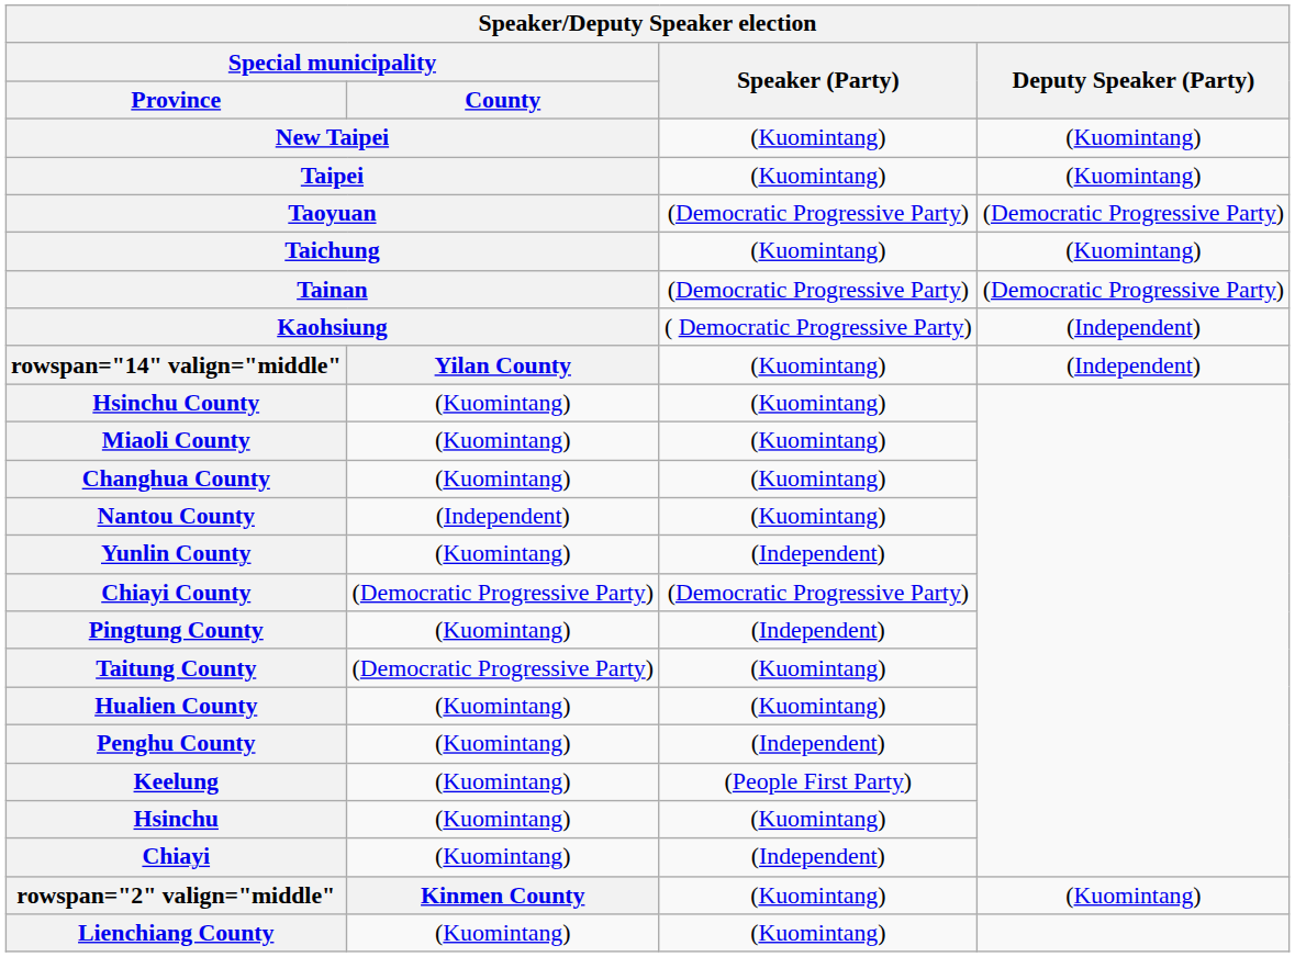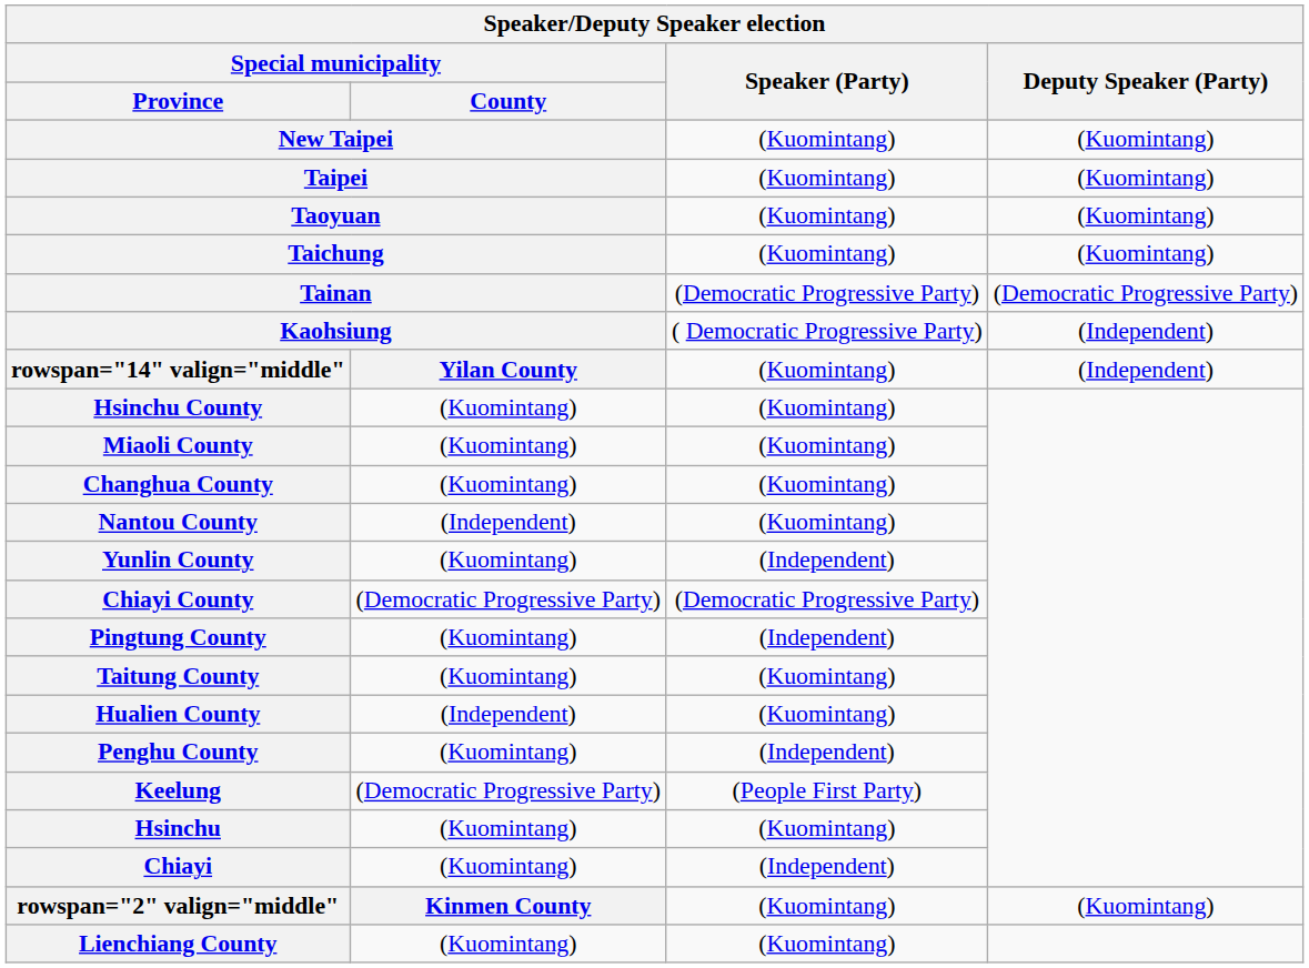 <table class="wikitable" style="text-align:center; margin:auto">
 <tr>
 <th colspan="6" align="center">Speaker/Deputy Speaker election</th>
 </tr>
 <tr>
 <th colspan="2" align="center"><a href='#'>Special municipality</a></th>
 <th rowspan="2" align="center">Speaker (Party)</th>
 <th rowspan="2" align="center">Deputy Speaker (Party)</th>
 </tr>
 <tr>
 <th><a href='#'>Province</a></th>
 <th><a href='#'>County</a></th>
 </tr>
 <tr>
 <th colspan="2" align="center"><a href='#'>New Taipei</a></th>
 <td> (<a href='#'>Kuomintang</a>)</td>
 <td> (<a href='#'>Kuomintang</a>)</td>
 </tr>
 <tr>
 <th colspan="2" align="center"><a href='#'>Taipei</a></th>
 <td> (<a href='#'>Kuomintang</a>)</td>
 <td> (<a href='#'>Kuomintang</a>)</td>
 </tr>
 <tr>
 <th colspan="2" align="center"><a href='#'>Taoyuan</a></th>
-<td> (<a href='#'>Democratic Progressive Party</a>)</td>
-<td> (<a href='#'>Democratic Progressive Party</a>)</td>
+<td> (<a href='#'>Kuomintang</a>)</td>
+<td> (<a href='#'>Kuomintang</a>)</td>
 </tr>
 <tr>
 <th colspan="2" align="center"><a href='#'>Taichung</a></th>
 <td> (<a href='#'>Kuomintang</a>)</td>
 <td> (<a href='#'>Kuomintang</a>)</td>
 </tr>
 <tr>
 <th colspan="2" align="center"><a href='#'>Tainan</a></th>
 <td> (<a href='#'>Democratic Progressive Party</a>)</td>
 <td> (<a href='#'>Democratic Progressive Party</a>)</td>
 </tr>
 <tr>
 <th colspan="2" align="center"><a href='#'>Kaohsiung</a></th>
 <td> ( <a href='#'>Democratic Progressive Party</a>)</td>
 <td> (<a href='#'>Independent</a>)</td>
 </tr>
 <tr>
 <th>rowspan="14" valign="middle" </th>
 <th align="center"><a href='#'>Yilan County</a></th>
 <td> (<a href='#'>Kuomintang</a>)</td>
 <td> (<a href='#'>Independent</a>)</td>
 </tr>
 <tr>
 <th align="center"><a href='#'>Hsinchu County</a></th>
 <td> (<a href='#'>Kuomintang</a>)</td>
 <td> (<a href='#'>Kuomintang</a>)</td>
 </tr>
 <tr>
 <th align="center"><a href='#'>Miaoli County</a></th>
 <td> (<a href='#'>Kuomintang</a>)</td>
 <td> (<a href='#'>Kuomintang</a>)</td>
 </tr>
 <tr>
 <th align="center"><a href='#'>Changhua County</a></th>
 <td> (<a href='#'>Kuomintang</a>)</td>
 <td> (<a href='#'>Kuomintang</a>)</td>
 </tr>
 <tr>
 <th align="center"><a href='#'>Nantou County</a></th>
 <td> (<a href='#'>Independent</a>)</td>
 <td> (<a href='#'>Kuomintang</a>)</td>
 </tr>
 <tr>
 <th align="center"><a href='#'>Yunlin County</a></th>
 <td> (<a href='#'>Kuomintang</a>)</td>
 <td> (<a href='#'>Independent</a>)</td>
 </tr>
 <tr>
 <th align="center"><a href='#'>Chiayi County</a></th>
 <td> (<a href='#'>Democratic Progressive Party</a>)</td>
 <td> (<a href='#'>Democratic Progressive Party</a>)</td>
 </tr>
 <tr>
 <th align="center"><a href='#'>Pingtung County</a></th>
 <td> (<a href='#'>Kuomintang</a>)</td>
 <td> (<a href='#'>Independent</a>)</td>
 </tr>
 <tr>
 <th align="center"><a href='#'>Taitung County</a></th>
-<td> (<a href='#'>Democratic Progressive Party</a>)</td>
+<td> (<a href='#'>Kuomintang</a>)</td>
 <td> (<a href='#'>Kuomintang</a>)</td>
 </tr>
 <tr>
 <th align="center"><a href='#'>Hualien County</a></th>
-<td> (<a href='#'>Kuomintang</a>)</td>
+<td> (<a href='#'>Independent</a>)</td>
 <td> (<a href='#'>Kuomintang</a>)</td>
 </tr>
 <tr>
 <th align="center"><a href='#'>Penghu County</a></th>
 <td> (<a href='#'>Kuomintang</a>)</td>
 <td> (<a href='#'>Independent</a>)</td>
 </tr>
 <tr>
 <th align="center"><a href='#'>Keelung</a></th>
-<td> (<a href='#'>Kuomintang</a>)</td>
+<td> (<a href='#'>Democratic Progressive Party</a>)</td>
 <td> (<a href='#'>People First Party</a>)</td>
 </tr>
 <tr>
 <th align="center"><a href='#'>Hsinchu</a></th>
 <td> (<a href='#'>Kuomintang</a>)</td>
 <td> (<a href='#'>Kuomintang</a>)</td>
 </tr>
 <tr>
 <th align="center"><a href='#'>Chiayi</a></th>
 <td> (<a href='#'>Kuomintang</a>)</td>
 <td> (<a href='#'>Independent</a>)</td>
 </tr>
 <tr>
 <th>rowspan="2" valign="middle" </th>
 <th align="center"><a href='#'>Kinmen County</a></th>
 <td> (<a href='#'>Kuomintang</a>)</td>
 <td> (<a href='#'>Kuomintang</a>)</td>
 </tr>
 <tr>
 <th align="center"><a href='#'>Lienchiang County</a></th>
 <td> (<a href='#'>Kuomintang</a>)</td>
 <td> (<a href='#'>Kuomintang</a>)</td>
 </tr>
 </table>
